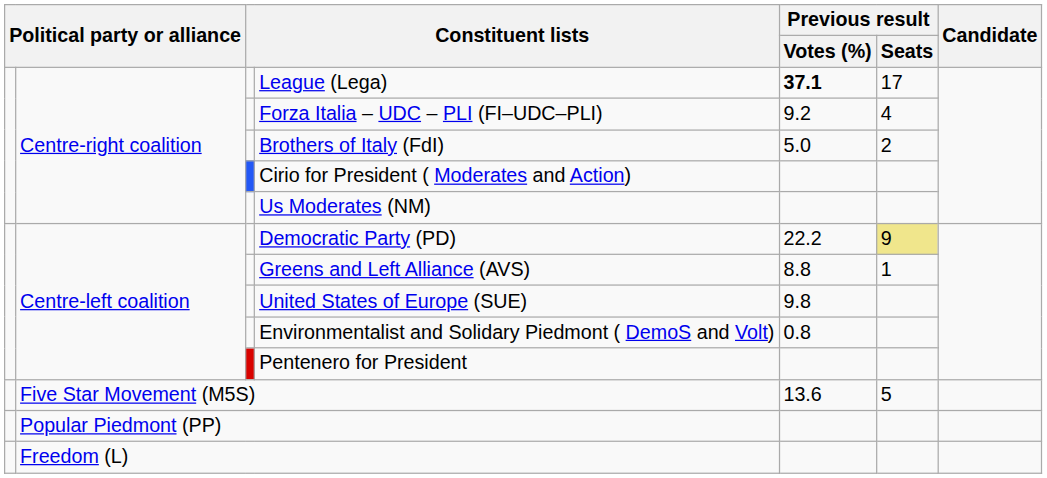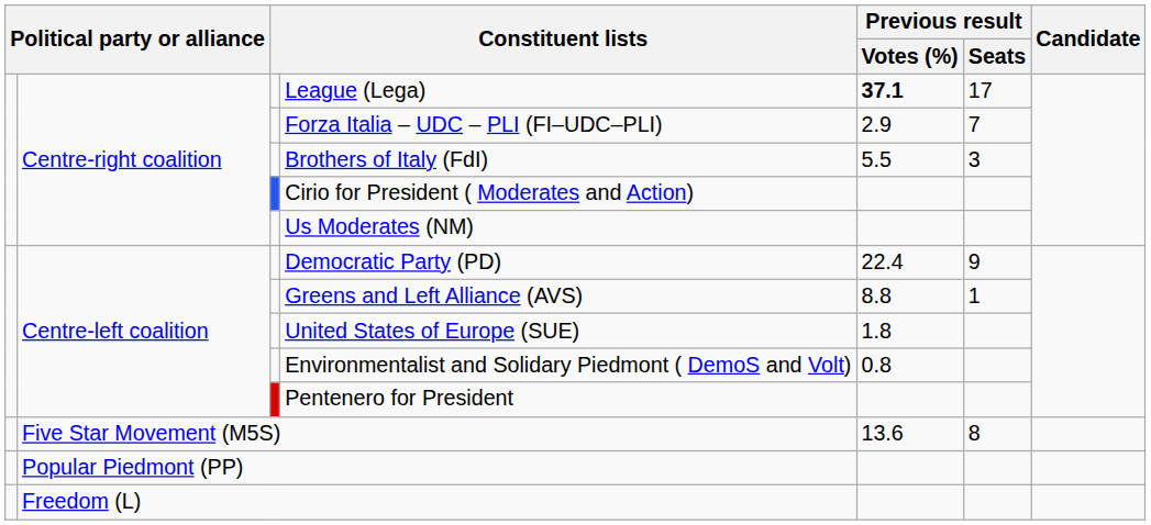 <table class="wikitable" style="text-align:left">
 <tr>
 <th colspan=2 rowspan="2">Political party or alliance</th>
 <th colspan=2 rowspan="2">Constituent lists</th>
 <th colspan="2">Previous result</th>
 <th colspan="2" rowspan="2">Candidate</th>
 </tr>
 <tr>
 <th>Votes (%)</th>
 <th>Seats</th>
 </tr>
 <tr>
 <td rowspan="5" style="background:"></td>
 <td rowspan=5><a href='#'>Centre-right coalition</a></td>
 <td></td>
 <td style="text-align:left;"><a href='#'>League</a> (Lega)</td>
 <td><strong>37.1</strong></td>
 <td>17</td>
 <td rowspan="5"></td>
 </tr>
 <tr>
 <td></td>
 <td style="text-align:left;"><a href='#'>Forza Italia</a> – <a href='#'>UDC</a> – <a href='#'>PLI</a> (FI–UDC–PLI)</td>
-<td>9.2</td>
-<td>4</td>
+<td>2.9</td>
+<td>7</td>
 </tr>
 <tr>
 <td></td>
 <td style="text-align:left;"><a href='#'>Brothers of Italy</a> (FdI)</td>
-<td>5.0</td>
-<td>2</td>
+<td>5.5</td>
+<td>3</td>
 </tr>
 <tr>
 <td bgcolor="#2358F6"></td>
 <td>Cirio for President ( <a href='#'>Moderates</a> and <a href='#'>Action</a>)</td>
 <td></td>
 <td></td>
 </tr>
 <tr>
 <td style="background-color:"></td>
 <td style="text-align:left;"><a href='#'>Us Moderates</a> (NM)</td>
 <td></td>
 <td></td>
 </tr>
 <tr>
 <td rowspan="5"></td>
 <td rowspan=5><a href='#'>Centre-left coalition</a></td>
 <td style="background-color:"></td>
 <td><a href='#'>Democratic Party</a> (PD)</td>
-<td>22.2</td>
-<td style="background: khaki;">9</td>
+<td>22.4</td>
+<td>9</td>
 <td rowspan="5"></td>
 </tr>
 <tr>
 <td style="background-color:"></td>
 <td><a href='#'>Greens and Left Alliance</a> (AVS)</td>
 <td>8.8</td>
 <td>1</td>
 </tr>
 <tr>
 <td style="background-color:"></td>
 <td><a href='#'>United States of Europe</a> (SUE)</td>
-<td>9.8</td>
+<td>1.8</td>
 <td></td>
 </tr>
 <tr>
 <td style="background-color:"></td>
 <td>Environmentalist and Solidary Piedmont ( <a href='#'>DemoS</a> and <a href='#'>Volt</a>)</td>
 <td>0.8</td>
 <td></td>
 </tr>
 <tr>
 <td style="background-color:#D90300"></td>
 <td>Pentenero for President</td>
 <td></td>
 <td></td>
 </tr>
 <tr>
 <td style="background-color:"></td>
 <td colspan=3><a href='#'>Five Star Movement</a> (M5S)</td>
 <td>13.6</td>
-<td>5</td>
+<td>8</td>
 <td></td>
 </tr>
 <tr>
 <td style="background-color:"></td>
 <td colspan=3><a href='#'>Popular Piedmont</a> (PP)</td>
 <td></td>
 <td></td>
 <td></td>
 </tr>
 <tr>
 <td style="background-color:"></td>
 <td colspan=3><a href='#'>Freedom</a> (L)</td>
 <td></td>
 <td></td>
 <td></td>
 </tr>
 </table>
